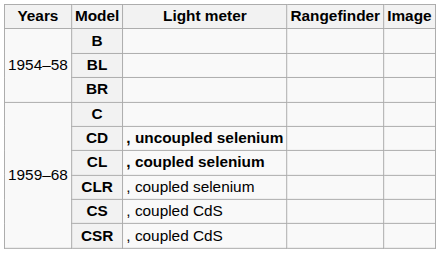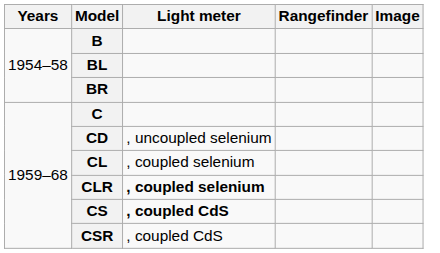 <table class=wikitable style="font-size:100%;text-align:left">
 <tr>
 <th>Years</th>
 <th>Model</th>
 <th>Light meter</th>
 <th>Rangefinder</th>
 <th>Image</th>
 </tr>
 <tr>
 <td rowspan=3>1954–58</td>
 <th>B</th>
 <td></td>
 <td></td>
 <td></td>
 </tr>
 <tr>
 <th>BL</th>
 <td></td>
 <td></td>
 <td></td>
 </tr>
 <tr>
 <th>BR</th>
 <td></td>
 <td></td>
 <td></td>
 </tr>
 <tr>
 <td rowspan=6>1959–68</td>
 <th>C</th>
 <td></td>
 <td></td>
 <td></td>
 </tr>
 <tr>
 <th>CD</th>
-<td><strong>, uncoupled selenium</strong></td>
+<td>, uncoupled selenium</td>
 <td></td>
 <td></td>
 </tr>
 <tr>
 <th>CL</th>
+<td>, coupled selenium</td>
+<td></td>
+<td></td>
+</tr>
+<tr>
+<th>CLR</th>
 <td><strong>, coupled selenium</strong></td>
 <td></td>
 <td></td>
 </tr>
 <tr>
-<th>CLR</th>
-<td>, coupled selenium</td>
-<td></td>
-<td></td>
-</tr>
-<tr>
 <th>CS</th>
-<td>, coupled CdS</td>
+<td><strong>, coupled CdS</strong></td>
 <td></td>
 <td></td>
 </tr>
 <tr>
 <th>CSR</th>
 <td>, coupled CdS</td>
 <td></td>
 <td></td>
 </tr>
 </table>
